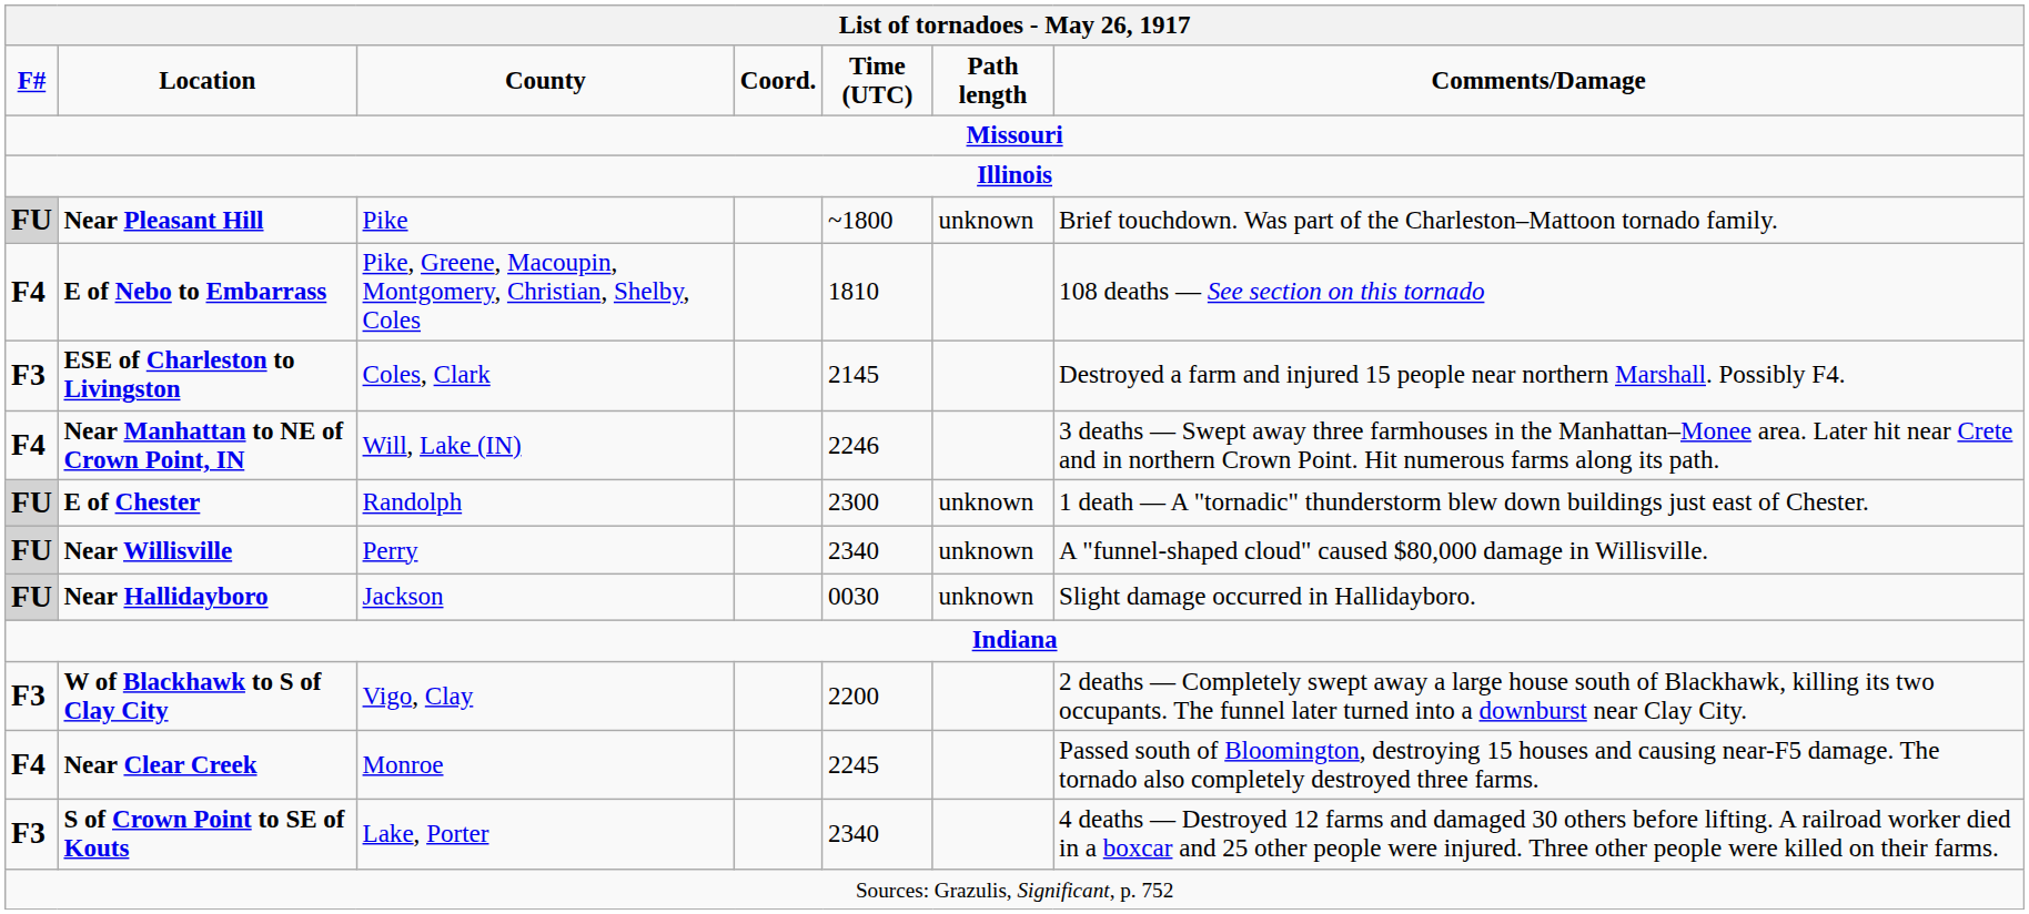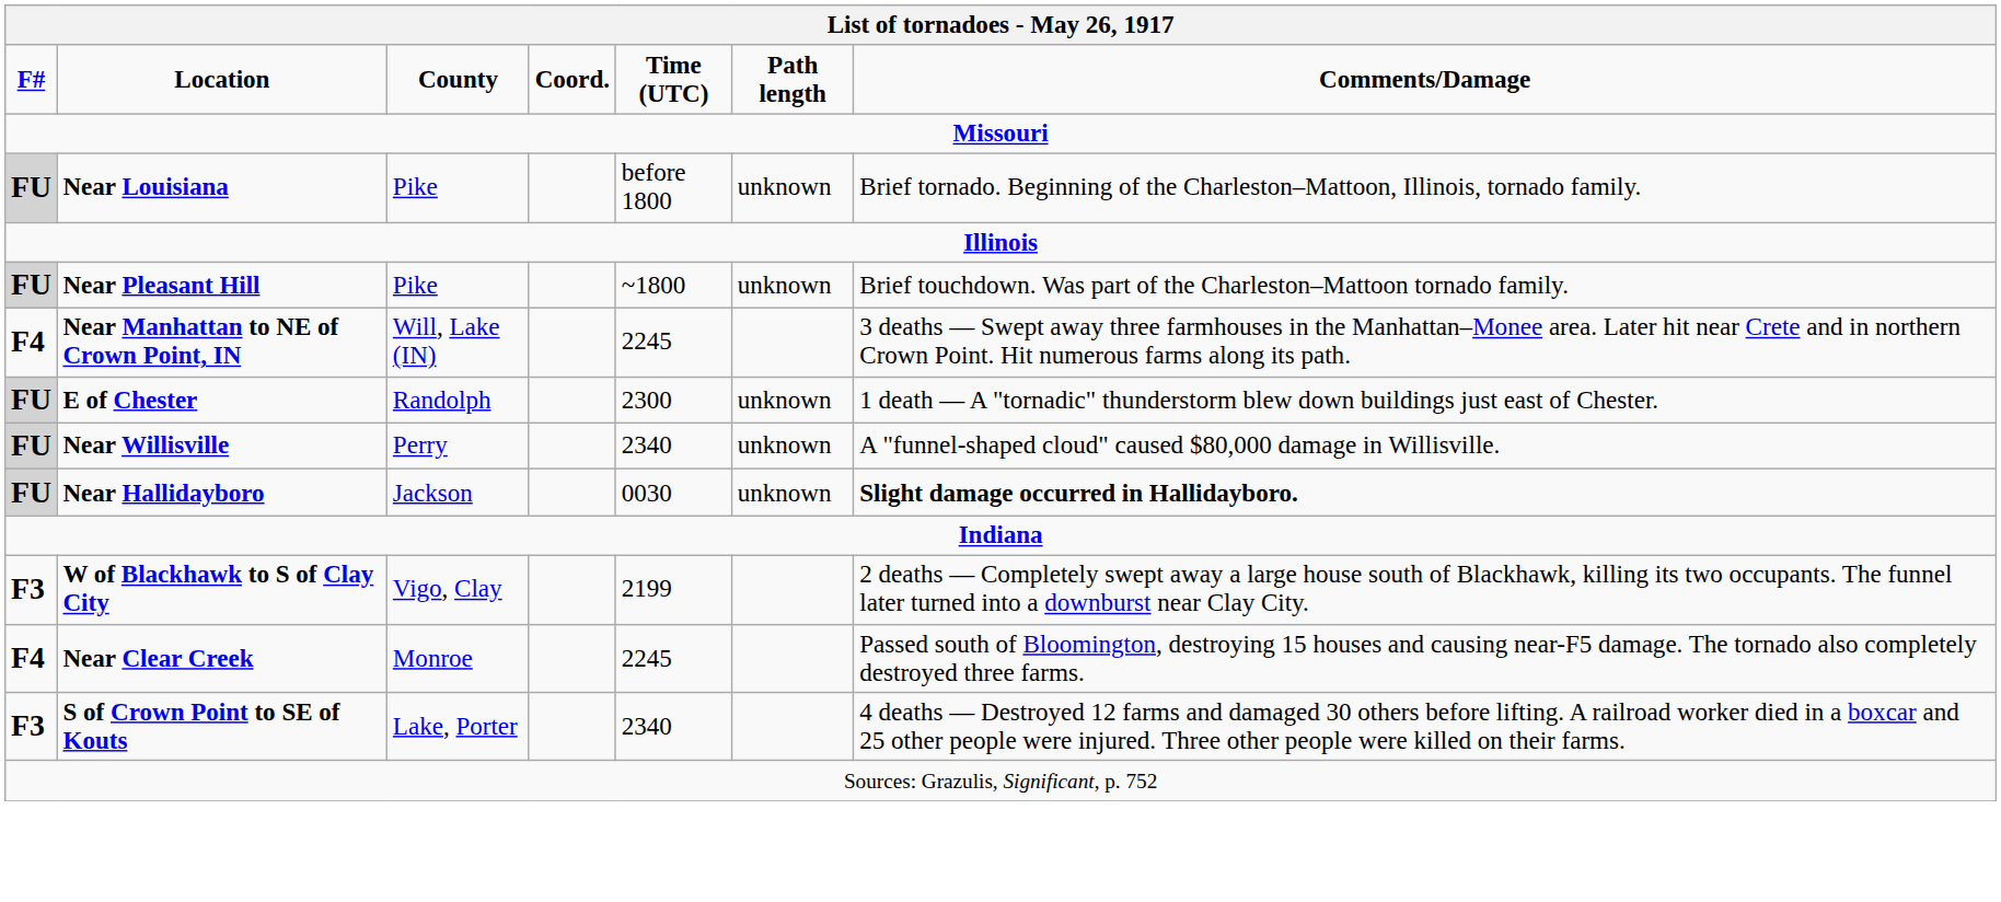 <table class="wikitable collapsible" style="width:100%;">
 <tr>
 <th colspan="7">List of tornadoes - May 26, 1917</th>
 </tr>
 <tr style="text-align:center;">
 <td><strong><a href='#'>F#</a></strong></td>
 <td><strong>Location</strong></td>
 <td><strong>County</strong></td>
 <td><strong>Coord.</strong></td>
 <td><strong>Time (UTC)</strong></td>
 <td><strong>Path length</strong></td>
 <td><strong>Comments/Damage</strong></td>
 </tr>
 <tr>
 <td colspan="7" style="text-align:center;"><strong><a href='#'>Missouri</a></strong></td>
 </tr>
 <tr>
+<td bgcolor=lightgray><big><strong>FU</strong></big></td>
+<td><strong>Near <a href='#'>Louisiana</a></strong></td>
+<td><a href='#'>Pike</a></td>
+<td></td>
+<td>before 1800</td>
+<td>unknown</td>
+<td>Brief tornado. Beginning of the Charleston–Mattoon, Illinois, tornado family.</td>
+</tr>
+<tr>
 <td colspan="7" style="text-align:center;"><strong><a href='#'>Illinois</a></strong></td>
 </tr>
 <tr>
 <td bgcolor=lightgray><big><strong>FU</strong></big></td>
 <td><strong>Near <a href='#'>Pleasant Hill</a></strong></td>
 <td><a href='#'>Pike</a></td>
 <td></td>
 <td>~1800</td>
 <td>unknown</td>
 <td>Brief touchdown. Was part of the Charleston–Mattoon tornado family.</td>
 </tr>
 <tr>
 <td><big><strong>F4</strong></big></td>
-<td><strong>E of <a href='#'>Nebo</a> to <a href='#'>Embarrass</a></strong></td>
-<td><a href='#'>Pike</a>, <a href='#'>Greene</a>, <a href='#'>Macoupin</a>, <a href='#'>Montgomery</a>, <a href='#'>Christian</a>, <a href='#'>Shelby</a>, <a href='#'>Coles</a></td>
-<td></td>
-<td>1810</td>
-<td></td>
-<td>108 deaths — <em><a href='#'>See section on this tornado</a></em></td>
-</tr>
-<tr>
-<td><big><strong>F3</strong></big></td>
-<td><strong>ESE of <a href='#'>Charleston</a> to <a href='#'>Livingston</a></strong></td>
-<td><a href='#'>Coles</a>, <a href='#'>Clark</a></td>
-<td></td>
-<td>2145</td>
-<td></td>
-<td>Destroyed a farm and injured 15 people near northern <a href='#'>Marshall</a>. Possibly F4.</td>
-</tr>
-<tr>
-<td><big><strong>F4</strong></big></td>
 <td><strong>Near <a href='#'>Manhattan</a> to NE of <a href='#'>Crown Point, IN</a></strong></td>
 <td><a href='#'>Will</a>, <a href='#'>Lake (IN)</a></td>
 <td></td>
-<td>2246</td>
+<td>2245</td>
 <td></td>
 <td>3 deaths — Swept away three farmhouses in the Manhattan–<a href='#'>Monee</a> area. Later hit near <a href='#'>Crete</a> and in northern Crown Point. Hit numerous farms along its path.</td>
 </tr>
 <tr>
 <td bgcolor=lightgray><big><strong>FU</strong></big></td>
 <td><strong>E of <a href='#'>Chester</a></strong></td>
 <td><a href='#'>Randolph</a></td>
 <td></td>
 <td>2300</td>
 <td>unknown</td>
 <td>1 death — A "tornadic" thunderstorm blew down buildings just east of Chester.</td>
 </tr>
 <tr>
 <td bgcolor=lightgray><big><strong>FU</strong></big></td>
 <td><strong>Near <a href='#'>Willisville</a></strong></td>
 <td><a href='#'>Perry</a></td>
 <td></td>
 <td>2340</td>
 <td>unknown</td>
 <td>A "funnel-shaped cloud" caused $80,000 damage in Willisville.</td>
 </tr>
 <tr>
 <td bgcolor=lightgray><big><strong>FU</strong></big></td>
 <td><strong>Near <a href='#'>Hallidayboro</a></strong></td>
 <td><a href='#'>Jackson</a></td>
 <td></td>
 <td>0030</td>
 <td>unknown</td>
-<td>Slight damage occurred in Hallidayboro.</td>
+<td><strong>Slight damage occurred in Hallidayboro.</strong></td>
 </tr>
 <tr>
 <td colspan="7" style="text-align:center;"><strong><a href='#'>Indiana</a></strong></td>
 </tr>
 <tr>
 <td><big><strong>F3</strong></big></td>
 <td><strong>W of <a href='#'>Blackhawk</a> to S of <a href='#'>Clay City</a></strong></td>
 <td><a href='#'>Vigo</a>, <a href='#'>Clay</a></td>
 <td></td>
-<td>2200</td>
+<td>2199</td>
 <td></td>
 <td>2 deaths — Completely swept away a large house south of Blackhawk, killing its two occupants. The funnel later turned into a <a href='#'>downburst</a> near Clay City.</td>
 </tr>
 <tr>
 <td><big><strong>F4</strong></big></td>
 <td><strong>Near <a href='#'>Clear Creek</a></strong></td>
 <td><a href='#'>Monroe</a></td>
 <td></td>
 <td>2245</td>
 <td></td>
 <td>Passed  south of <a href='#'>Bloomington</a>, destroying 15 houses and causing near-F5 damage. The tornado also completely destroyed three farms.</td>
 </tr>
 <tr>
 <td><big><strong>F3</strong></big></td>
 <td><strong>S of <a href='#'>Crown Point</a> to SE of <a href='#'>Kouts</a></strong></td>
 <td><a href='#'>Lake</a>, <a href='#'>Porter</a></td>
 <td></td>
 <td>2340</td>
 <td></td>
 <td>4 deaths — Destroyed 12 farms and damaged 30 others before lifting. A railroad worker died in a <a href='#'>boxcar</a> and 25 other people were injured. Three other people were killed on their farms.</td>
 </tr>
 <tr>
 <td colspan="7" style="text-align:center;"><small>Sources: Grazulis, <em>Significant</em>, p. 752</small></td>
 </tr>
 </table>
